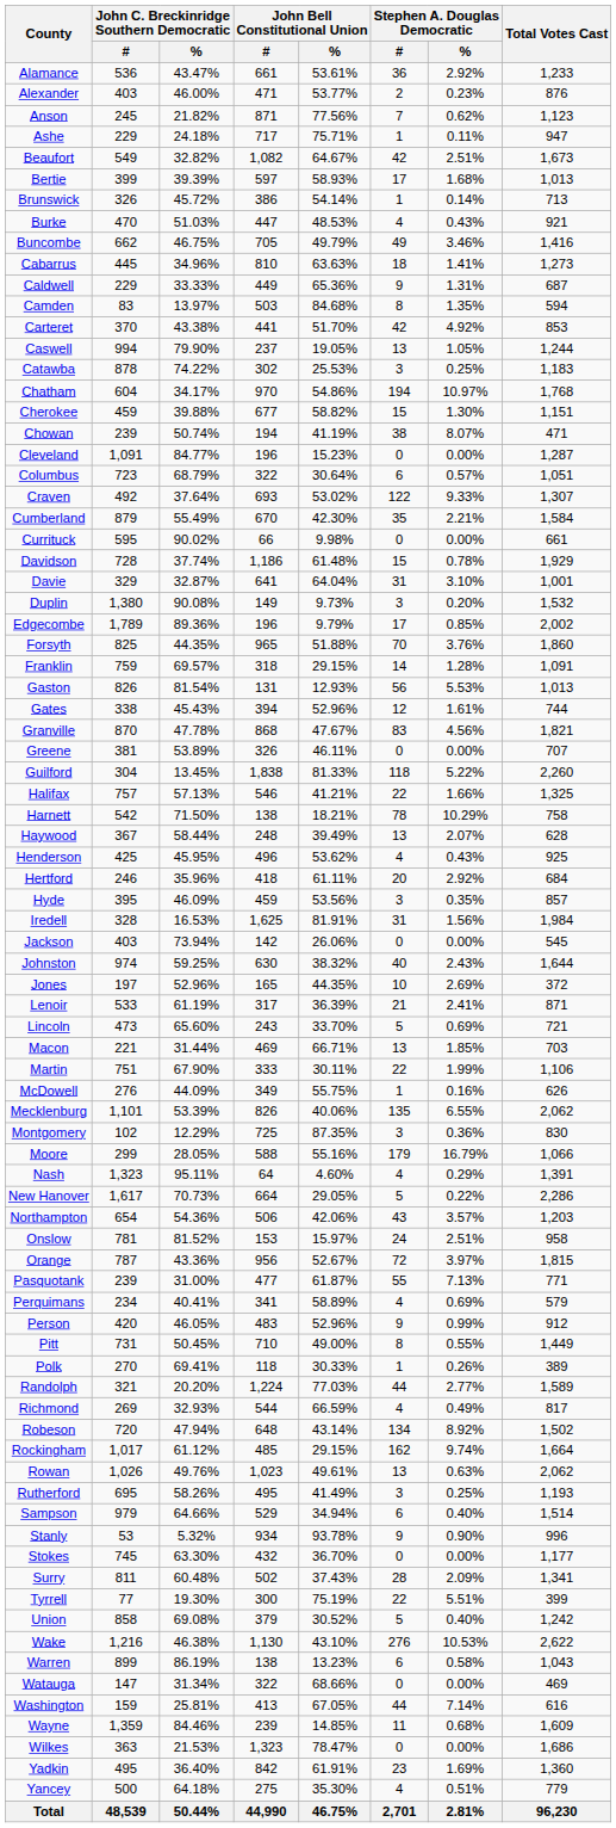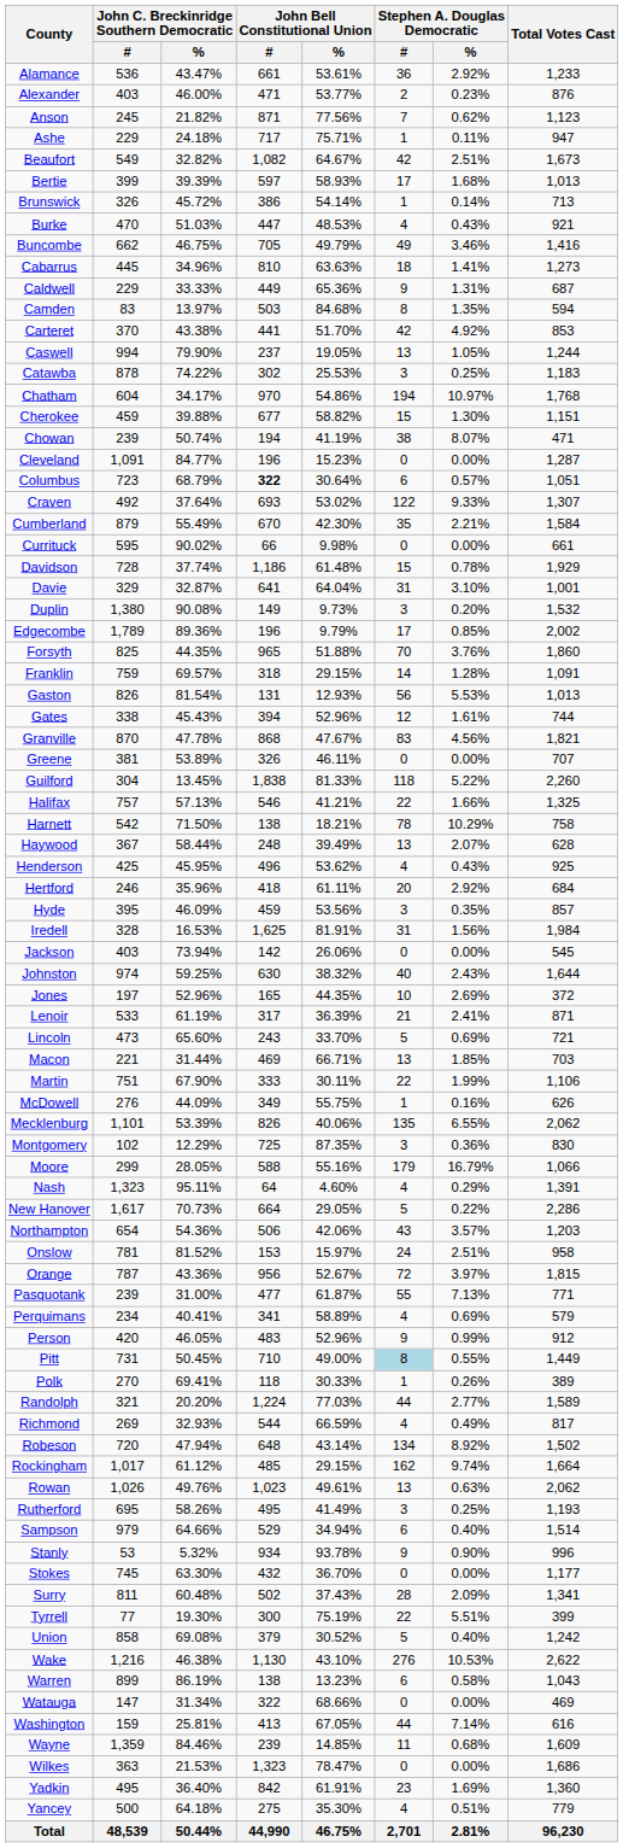 <table class="wikitable sortable">
 <tr>
 <th rowspan="2">County</th>
 <th colspan="2">John C. Breckinridge<br>Southern Democratic</th>
 <th colspan="2">John Bell<br>Constitutional Union</th>
 <th colspan="2">Stephen A. Douglas<br>Democratic</th>
 <th rowspan="2">Total Votes Cast</th>
 </tr>
 <tr style="text-align:center;">
 <th>#</th>
 <th>%</th>
 <th>#</th>
 <th>%</th>
 <th>#</th>
 <th>%</th>
 </tr>
 <tr style="text-align:center;">
 <td><a href='#'>Alamance</a></td>
 <td>536</td>
 <td>43.47%</td>
 <td>661</td>
 <td>53.61%</td>
 <td>36</td>
 <td>2.92%</td>
 <td>1,233</td>
 </tr>
 <tr style="text-align:center;">
 <td><a href='#'>Alexander</a></td>
 <td>403</td>
 <td>46.00%</td>
 <td>471</td>
 <td>53.77%</td>
 <td>2</td>
 <td>0.23%</td>
 <td>876</td>
 </tr>
 <tr style="text-align:center;">
 <td><a href='#'>Anson</a></td>
 <td>245</td>
 <td>21.82%</td>
 <td>871</td>
 <td>77.56%</td>
 <td>7</td>
 <td>0.62%</td>
 <td>1,123</td>
 </tr>
 <tr style="text-align:center;">
 <td><a href='#'>Ashe</a></td>
 <td>229</td>
 <td>24.18%</td>
 <td>717</td>
 <td>75.71%</td>
 <td>1</td>
 <td>0.11%</td>
 <td>947</td>
 </tr>
 <tr style="text-align:center;">
 <td><a href='#'>Beaufort</a></td>
 <td>549</td>
 <td>32.82%</td>
 <td>1,082</td>
 <td>64.67%</td>
 <td>42</td>
 <td>2.51%</td>
 <td>1,673</td>
 </tr>
 <tr style="text-align:center;">
 <td><a href='#'>Bertie</a></td>
 <td>399</td>
 <td>39.39%</td>
 <td>597</td>
 <td>58.93%</td>
 <td>17</td>
 <td>1.68%</td>
 <td>1,013</td>
 </tr>
 <tr style="text-align:center;">
 <td><a href='#'>Brunswick</a></td>
 <td>326</td>
 <td>45.72%</td>
 <td>386</td>
 <td>54.14%</td>
 <td>1</td>
 <td>0.14%</td>
 <td>713</td>
 </tr>
 <tr style="text-align:center;">
 <td><a href='#'>Burke</a></td>
 <td>470</td>
 <td>51.03%</td>
 <td>447</td>
 <td>48.53%</td>
 <td>4</td>
 <td>0.43%</td>
 <td>921</td>
 </tr>
 <tr style="text-align:center;">
 <td><a href='#'>Buncombe</a></td>
 <td>662</td>
 <td>46.75%</td>
 <td>705</td>
 <td>49.79%</td>
 <td>49</td>
 <td>3.46%</td>
 <td>1,416</td>
 </tr>
 <tr style="text-align:center;">
 <td><a href='#'>Cabarrus</a></td>
 <td>445</td>
 <td>34.96%</td>
 <td>810</td>
 <td>63.63%</td>
 <td>18</td>
 <td>1.41%</td>
 <td>1,273</td>
 </tr>
 <tr style="text-align:center;">
 <td><a href='#'>Caldwell</a></td>
 <td>229</td>
 <td>33.33%</td>
 <td>449</td>
 <td>65.36%</td>
 <td>9</td>
 <td>1.31%</td>
 <td>687</td>
 </tr>
 <tr style="text-align:center;">
 <td><a href='#'>Camden</a></td>
 <td>83</td>
 <td>13.97%</td>
 <td>503</td>
 <td>84.68%</td>
 <td>8</td>
 <td>1.35%</td>
 <td>594</td>
 </tr>
 <tr style="text-align:center;">
 <td><a href='#'>Carteret</a></td>
 <td>370</td>
 <td>43.38%</td>
 <td>441</td>
 <td>51.70%</td>
 <td>42</td>
 <td>4.92%</td>
 <td>853</td>
 </tr>
 <tr style="text-align:center;">
 <td><a href='#'>Caswell</a></td>
 <td>994</td>
 <td>79.90%</td>
 <td>237</td>
 <td>19.05%</td>
 <td>13</td>
 <td>1.05%</td>
 <td>1,244</td>
 </tr>
 <tr style="text-align:center;">
 <td><a href='#'>Catawba</a></td>
 <td>878</td>
 <td>74.22%</td>
 <td>302</td>
 <td>25.53%</td>
 <td>3</td>
 <td>0.25%</td>
 <td>1,183</td>
 </tr>
 <tr style="text-align:center;">
 <td><a href='#'>Chatham</a></td>
 <td>604</td>
 <td>34.17%</td>
 <td>970</td>
 <td>54.86%</td>
 <td>194</td>
 <td>10.97%</td>
 <td>1,768</td>
 </tr>
 <tr style="text-align:center;">
 <td><a href='#'>Cherokee</a></td>
 <td>459</td>
 <td>39.88%</td>
 <td>677</td>
 <td>58.82%</td>
 <td>15</td>
 <td>1.30%</td>
 <td>1,151</td>
 </tr>
 <tr style="text-align:center;">
 <td><a href='#'>Chowan</a></td>
 <td>239</td>
 <td>50.74%</td>
 <td>194</td>
 <td>41.19%</td>
 <td>38</td>
 <td>8.07%</td>
 <td>471</td>
 </tr>
 <tr style="text-align:center;">
 <td><a href='#'>Cleveland</a></td>
 <td>1,091</td>
 <td>84.77%</td>
 <td>196</td>
 <td>15.23%</td>
 <td>0</td>
 <td>0.00%</td>
 <td>1,287</td>
 </tr>
 <tr style="text-align:center;">
 <td><a href='#'>Columbus</a></td>
 <td>723</td>
 <td>68.79%</td>
-<td>322</td>
+<td><strong>322</strong></td>
 <td>30.64%</td>
 <td>6</td>
 <td>0.57%</td>
 <td>1,051</td>
 </tr>
 <tr style="text-align:center;">
 <td><a href='#'>Craven</a></td>
 <td>492</td>
 <td>37.64%</td>
 <td>693</td>
 <td>53.02%</td>
 <td>122</td>
 <td>9.33%</td>
 <td>1,307</td>
 </tr>
 <tr style="text-align:center;">
 <td><a href='#'>Cumberland</a></td>
 <td>879</td>
 <td>55.49%</td>
 <td>670</td>
 <td>42.30%</td>
 <td>35</td>
 <td>2.21%</td>
 <td>1,584</td>
 </tr>
 <tr style="text-align:center;">
 <td><a href='#'>Currituck</a></td>
 <td>595</td>
 <td>90.02%</td>
 <td>66</td>
 <td>9.98%</td>
 <td>0</td>
 <td>0.00%</td>
 <td>661</td>
 </tr>
 <tr style="text-align:center;">
 <td><a href='#'>Davidson</a></td>
 <td>728</td>
 <td>37.74%</td>
 <td>1,186</td>
 <td>61.48%</td>
 <td>15</td>
 <td>0.78%</td>
 <td>1,929</td>
 </tr>
 <tr style="text-align:center;">
 <td><a href='#'>Davie</a></td>
 <td>329</td>
 <td>32.87%</td>
 <td>641</td>
 <td>64.04%</td>
 <td>31</td>
 <td>3.10%</td>
 <td>1,001</td>
 </tr>
 <tr style="text-align:center;">
 <td><a href='#'>Duplin</a></td>
 <td>1,380</td>
 <td>90.08%</td>
 <td>149</td>
 <td>9.73%</td>
 <td>3</td>
 <td>0.20%</td>
 <td>1,532</td>
 </tr>
 <tr style="text-align:center;">
 <td><a href='#'>Edgecombe</a></td>
 <td>1,789</td>
 <td>89.36%</td>
 <td>196</td>
 <td>9.79%</td>
 <td>17</td>
 <td>0.85%</td>
 <td>2,002</td>
 </tr>
 <tr style="text-align:center;">
 <td><a href='#'>Forsyth</a></td>
 <td>825</td>
 <td>44.35%</td>
 <td>965</td>
 <td>51.88%</td>
 <td>70</td>
 <td>3.76%</td>
 <td>1,860</td>
 </tr>
 <tr style="text-align:center;">
 <td><a href='#'>Franklin</a></td>
 <td>759</td>
 <td>69.57%</td>
 <td>318</td>
 <td>29.15%</td>
 <td>14</td>
 <td>1.28%</td>
 <td>1,091</td>
 </tr>
 <tr style="text-align:center;">
 <td><a href='#'>Gaston</a></td>
 <td>826</td>
 <td>81.54%</td>
 <td>131</td>
 <td>12.93%</td>
 <td>56</td>
 <td>5.53%</td>
 <td>1,013</td>
 </tr>
 <tr style="text-align:center;">
 <td><a href='#'>Gates</a></td>
 <td>338</td>
 <td>45.43%</td>
 <td>394</td>
 <td>52.96%</td>
 <td>12</td>
 <td>1.61%</td>
 <td>744</td>
 </tr>
 <tr style="text-align:center;">
 <td><a href='#'>Granville</a></td>
 <td>870</td>
 <td>47.78%</td>
 <td>868</td>
 <td>47.67%</td>
 <td>83</td>
 <td>4.56%</td>
 <td>1,821</td>
 </tr>
 <tr style="text-align:center;">
 <td><a href='#'>Greene</a></td>
 <td>381</td>
 <td>53.89%</td>
 <td>326</td>
 <td>46.11%</td>
 <td>0</td>
 <td>0.00%</td>
 <td>707</td>
 </tr>
 <tr style="text-align:center;">
 <td><a href='#'>Guilford</a></td>
 <td>304</td>
 <td>13.45%</td>
 <td>1,838</td>
 <td>81.33%</td>
 <td>118</td>
 <td>5.22%</td>
 <td>2,260</td>
 </tr>
 <tr style="text-align:center;">
 <td><a href='#'>Halifax</a></td>
 <td>757</td>
 <td>57.13%</td>
 <td>546</td>
 <td>41.21%</td>
 <td>22</td>
 <td>1.66%</td>
 <td>1,325</td>
 </tr>
 <tr style="text-align:center;">
 <td><a href='#'>Harnett</a></td>
 <td>542</td>
 <td>71.50%</td>
 <td>138</td>
 <td>18.21%</td>
 <td>78</td>
 <td>10.29%</td>
 <td>758</td>
 </tr>
 <tr style="text-align:center;">
 <td><a href='#'>Haywood</a></td>
 <td>367</td>
 <td>58.44%</td>
 <td>248</td>
 <td>39.49%</td>
 <td>13</td>
 <td>2.07%</td>
 <td>628</td>
 </tr>
 <tr style="text-align:center;">
 <td><a href='#'>Henderson</a></td>
 <td>425</td>
 <td>45.95%</td>
 <td>496</td>
 <td>53.62%</td>
 <td>4</td>
 <td>0.43%</td>
 <td>925</td>
 </tr>
 <tr style="text-align:center;">
 <td><a href='#'>Hertford</a></td>
 <td>246</td>
 <td>35.96%</td>
 <td>418</td>
 <td>61.11%</td>
 <td>20</td>
 <td>2.92%</td>
 <td>684</td>
 </tr>
 <tr style="text-align:center;">
 <td><a href='#'>Hyde</a></td>
 <td>395</td>
 <td>46.09%</td>
 <td>459</td>
 <td>53.56%</td>
 <td>3</td>
 <td>0.35%</td>
 <td>857</td>
 </tr>
 <tr style="text-align:center;">
 <td><a href='#'>Iredell</a></td>
 <td>328</td>
 <td>16.53%</td>
 <td>1,625</td>
 <td>81.91%</td>
 <td>31</td>
 <td>1.56%</td>
 <td>1,984</td>
 </tr>
 <tr style="text-align:center;">
 <td><a href='#'>Jackson</a></td>
 <td>403</td>
 <td>73.94%</td>
 <td>142</td>
 <td>26.06%</td>
 <td>0</td>
 <td>0.00%</td>
 <td>545</td>
 </tr>
 <tr style="text-align:center;">
 <td><a href='#'>Johnston</a></td>
 <td>974</td>
 <td>59.25%</td>
 <td>630</td>
 <td>38.32%</td>
 <td>40</td>
 <td>2.43%</td>
 <td>1,644</td>
 </tr>
 <tr style="text-align:center;">
 <td><a href='#'>Jones</a></td>
 <td>197</td>
 <td>52.96%</td>
 <td>165</td>
 <td>44.35%</td>
 <td>10</td>
 <td>2.69%</td>
 <td>372</td>
 </tr>
 <tr style="text-align:center;">
 <td><a href='#'>Lenoir</a></td>
 <td>533</td>
 <td>61.19%</td>
 <td>317</td>
 <td>36.39%</td>
 <td>21</td>
 <td>2.41%</td>
 <td>871</td>
 </tr>
 <tr style="text-align:center;">
 <td><a href='#'>Lincoln</a></td>
 <td>473</td>
 <td>65.60%</td>
 <td>243</td>
 <td>33.70%</td>
 <td>5</td>
 <td>0.69%</td>
 <td>721</td>
 </tr>
 <tr style="text-align:center;">
 <td><a href='#'>Macon</a></td>
 <td>221</td>
 <td>31.44%</td>
 <td>469</td>
 <td>66.71%</td>
 <td>13</td>
 <td>1.85%</td>
 <td>703</td>
 </tr>
 <tr style="text-align:center;">
 <td><a href='#'>Martin</a></td>
 <td>751</td>
 <td>67.90%</td>
 <td>333</td>
 <td>30.11%</td>
 <td>22</td>
 <td>1.99%</td>
 <td>1,106</td>
 </tr>
 <tr style="text-align:center;">
 <td><a href='#'>McDowell</a></td>
 <td>276</td>
 <td>44.09%</td>
 <td>349</td>
 <td>55.75%</td>
 <td>1</td>
 <td>0.16%</td>
 <td>626</td>
 </tr>
 <tr style="text-align:center;">
 <td><a href='#'>Mecklenburg</a></td>
 <td>1,101</td>
 <td>53.39%</td>
 <td>826</td>
 <td>40.06%</td>
 <td>135</td>
 <td>6.55%</td>
 <td>2,062</td>
 </tr>
 <tr style="text-align:center;">
 <td><a href='#'>Montgomery</a></td>
 <td>102</td>
 <td>12.29%</td>
 <td>725</td>
 <td>87.35%</td>
 <td>3</td>
 <td>0.36%</td>
 <td>830</td>
 </tr>
 <tr style="text-align:center;">
 <td><a href='#'>Moore</a></td>
 <td>299</td>
 <td>28.05%</td>
 <td>588</td>
 <td>55.16%</td>
 <td>179</td>
 <td>16.79%</td>
 <td>1,066</td>
 </tr>
 <tr style="text-align:center;">
 <td><a href='#'>Nash</a></td>
 <td>1,323</td>
 <td>95.11%</td>
 <td>64</td>
 <td>4.60%</td>
 <td>4</td>
 <td>0.29%</td>
 <td>1,391</td>
 </tr>
 <tr style="text-align:center;">
 <td><a href='#'>New Hanover</a></td>
 <td>1,617</td>
 <td>70.73%</td>
 <td>664</td>
 <td>29.05%</td>
 <td>5</td>
 <td>0.22%</td>
 <td>2,286</td>
 </tr>
 <tr style="text-align:center;">
 <td><a href='#'>Northampton</a></td>
 <td>654</td>
 <td>54.36%</td>
 <td>506</td>
 <td>42.06%</td>
 <td>43</td>
 <td>3.57%</td>
 <td>1,203</td>
 </tr>
 <tr style="text-align:center;">
 <td><a href='#'>Onslow</a></td>
 <td>781</td>
 <td>81.52%</td>
 <td>153</td>
 <td>15.97%</td>
 <td>24</td>
 <td>2.51%</td>
 <td>958</td>
 </tr>
 <tr style="text-align:center;">
 <td><a href='#'>Orange</a></td>
 <td>787</td>
 <td>43.36%</td>
 <td>956</td>
 <td>52.67%</td>
 <td>72</td>
 <td>3.97%</td>
 <td>1,815</td>
 </tr>
 <tr style="text-align:center;">
 <td><a href='#'>Pasquotank</a></td>
 <td>239</td>
 <td>31.00%</td>
 <td>477</td>
 <td>61.87%</td>
 <td>55</td>
 <td>7.13%</td>
 <td>771</td>
 </tr>
 <tr style="text-align:center;">
 <td><a href='#'>Perquimans</a></td>
 <td>234</td>
 <td>40.41%</td>
 <td>341</td>
 <td>58.89%</td>
 <td>4</td>
 <td>0.69%</td>
 <td>579</td>
 </tr>
 <tr style="text-align:center;">
 <td><a href='#'>Person</a></td>
 <td>420</td>
 <td>46.05%</td>
 <td>483</td>
 <td>52.96%</td>
 <td>9</td>
 <td>0.99%</td>
 <td>912</td>
 </tr>
 <tr style="text-align:center;">
 <td><a href='#'>Pitt</a></td>
 <td>731</td>
 <td>50.45%</td>
 <td>710</td>
 <td>49.00%</td>
-<td>8</td>
+<td style="background: lightblue;">8</td>
 <td>0.55%</td>
 <td>1,449</td>
 </tr>
 <tr style="text-align:center;">
 <td><a href='#'>Polk</a></td>
 <td>270</td>
 <td>69.41%</td>
 <td>118</td>
 <td>30.33%</td>
 <td>1</td>
 <td>0.26%</td>
 <td>389</td>
 </tr>
 <tr style="text-align:center;">
 <td><a href='#'>Randolph</a></td>
 <td>321</td>
 <td>20.20%</td>
 <td>1,224</td>
 <td>77.03%</td>
 <td>44</td>
 <td>2.77%</td>
 <td>1,589</td>
 </tr>
 <tr style="text-align:center;">
 <td><a href='#'>Richmond</a></td>
 <td>269</td>
 <td>32.93%</td>
 <td>544</td>
 <td>66.59%</td>
 <td>4</td>
 <td>0.49%</td>
 <td>817</td>
 </tr>
 <tr style="text-align:center;">
 <td><a href='#'>Robeson</a></td>
 <td>720</td>
 <td>47.94%</td>
 <td>648</td>
 <td>43.14%</td>
 <td>134</td>
 <td>8.92%</td>
 <td>1,502</td>
 </tr>
 <tr style="text-align:center;">
 <td><a href='#'>Rockingham</a></td>
 <td>1,017</td>
 <td>61.12%</td>
 <td>485</td>
 <td>29.15%</td>
 <td>162</td>
 <td>9.74%</td>
 <td>1,664</td>
 </tr>
 <tr style="text-align:center;">
 <td><a href='#'>Rowan</a></td>
 <td>1,026</td>
 <td>49.76%</td>
 <td>1,023</td>
 <td>49.61%</td>
 <td>13</td>
 <td>0.63%</td>
 <td>2,062</td>
 </tr>
 <tr style="text-align:center;">
 <td><a href='#'>Rutherford</a></td>
 <td>695</td>
 <td>58.26%</td>
 <td>495</td>
 <td>41.49%</td>
 <td>3</td>
 <td>0.25%</td>
 <td>1,193</td>
 </tr>
 <tr style="text-align:center;">
 <td><a href='#'>Sampson</a></td>
 <td>979</td>
 <td>64.66%</td>
 <td>529</td>
 <td>34.94%</td>
 <td>6</td>
 <td>0.40%</td>
 <td>1,514</td>
 </tr>
 <tr style="text-align:center;">
 <td><a href='#'>Stanly</a></td>
 <td>53</td>
 <td>5.32%</td>
 <td>934</td>
 <td>93.78%</td>
 <td>9</td>
 <td>0.90%</td>
 <td>996</td>
 </tr>
 <tr style="text-align:center;">
 <td><a href='#'>Stokes</a></td>
 <td>745</td>
 <td>63.30%</td>
 <td>432</td>
 <td>36.70%</td>
 <td>0</td>
 <td>0.00%</td>
 <td>1,177</td>
 </tr>
 <tr style="text-align:center;">
 <td><a href='#'>Surry</a></td>
 <td>811</td>
 <td>60.48%</td>
 <td>502</td>
 <td>37.43%</td>
 <td>28</td>
 <td>2.09%</td>
 <td>1,341</td>
 </tr>
 <tr style="text-align:center;">
 <td><a href='#'>Tyrrell</a></td>
 <td>77</td>
 <td>19.30%</td>
 <td>300</td>
 <td>75.19%</td>
 <td>22</td>
 <td>5.51%</td>
 <td>399</td>
 </tr>
 <tr style="text-align:center;">
 <td><a href='#'>Union</a></td>
 <td>858</td>
 <td>69.08%</td>
 <td>379</td>
 <td>30.52%</td>
 <td>5</td>
 <td>0.40%</td>
 <td>1,242</td>
 </tr>
 <tr style="text-align:center;">
 <td><a href='#'>Wake</a></td>
 <td>1,216</td>
 <td>46.38%</td>
 <td>1,130</td>
 <td>43.10%</td>
 <td>276</td>
 <td>10.53%</td>
 <td>2,622</td>
 </tr>
 <tr style="text-align:center;">
 <td><a href='#'>Warren</a></td>
 <td>899</td>
 <td>86.19%</td>
 <td>138</td>
 <td>13.23%</td>
 <td>6</td>
 <td>0.58%</td>
 <td>1,043</td>
 </tr>
 <tr style="text-align:center;">
 <td><a href='#'>Watauga</a></td>
 <td>147</td>
 <td>31.34%</td>
 <td>322</td>
 <td>68.66%</td>
 <td>0</td>
 <td>0.00%</td>
 <td>469</td>
 </tr>
 <tr style="text-align:center;">
 <td><a href='#'>Washington</a></td>
 <td>159</td>
 <td>25.81%</td>
 <td>413</td>
 <td>67.05%</td>
 <td>44</td>
 <td>7.14%</td>
 <td>616</td>
 </tr>
 <tr style="text-align:center;">
 <td><a href='#'>Wayne</a></td>
 <td>1,359</td>
 <td>84.46%</td>
 <td>239</td>
 <td>14.85%</td>
 <td>11</td>
 <td>0.68%</td>
 <td>1,609</td>
 </tr>
 <tr style="text-align:center;">
 <td><a href='#'>Wilkes</a></td>
 <td>363</td>
 <td>21.53%</td>
 <td>1,323</td>
 <td>78.47%</td>
 <td>0</td>
 <td>0.00%</td>
 <td>1,686</td>
 </tr>
 <tr style="text-align:center;">
 <td><a href='#'>Yadkin</a></td>
 <td>495</td>
 <td>36.40%</td>
 <td>842</td>
 <td>61.91%</td>
 <td>23</td>
 <td>1.69%</td>
 <td>1,360</td>
 </tr>
 <tr style="text-align:center;">
 <td><a href='#'>Yancey</a></td>
 <td>500</td>
 <td>64.18%</td>
 <td>275</td>
 <td>35.30%</td>
 <td>4</td>
 <td>0.51%</td>
 <td>779</td>
 </tr>
 <tr style="text-align:center;">
 <th>Total</th>
 <th>48,539</th>
 <th>50.44%</th>
 <th>44,990</th>
 <th>46.75%</th>
 <th>2,701</th>
 <th>2.81%</th>
 <th>96,230</th>
 </tr>
 </table>
